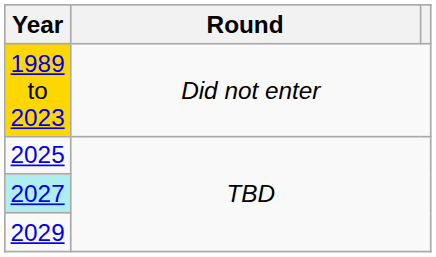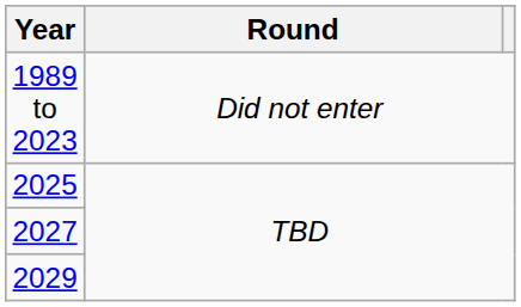 <table class="wikitable" style="text-align: center; font-size:90%">
 <tr>
 <th>Year</th>
 <th style="width:200px">Round</th>
 <th></th>
 </tr>
 <tr>
-<td style="background: gold;"><a href='#'>1989</a><br>to<br><a href='#'>2023</a></td>
+<td><a href='#'>1989</a><br>to<br><a href='#'>2023</a></td>
 <td colspan="2"><em>Did not enter</em></td>
 </tr>
 <tr>
 <td><a href='#'>2025</a></td>
 <td colspan="2" rowspan="3"><em>TBD</em></td>
 </tr>
 <tr>
-<td style="background: paleturquoise;"><a href='#'>2027</a></td>
+<td><a href='#'>2027</a></td>
 </tr>
 <tr>
 <td><a href='#'>2029</a></td>
 </tr>
 </table>
